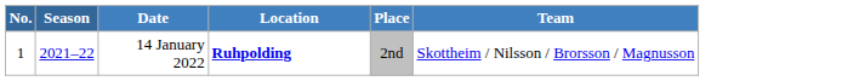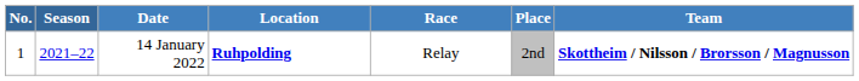 <table class="wikitable sortable" style="font-size:95%; text-align:center; border:grey solid 1px; border-collapse:collapse; background:#ffffff;">
 <tr style="background:#efefef;">
 <th style="background-color:#369; color:white;">No.</th>
 <th style="background-color:#369; color:white;">Season</th>
 <th style="background-color:#4180be; color:white; width:100px;">Date</th>
 <th style="background-color:#4180be; color:white; width:150px;">Location</th>
+<th style="background-color:#4180be; color:white; width:130px;">Race</th>
 <th style="background-color:#4180be; color:white;">Place</th>
 <th style="background-color:#4180be; color:white;">Team</th>
 </tr>
 <tr>
 <td align=center>1</td>
 <td rowspan=1 align=center><a href='#'>2021–22</a></td>
 <td align=right>14 January 2022</td>
 <td align=left><strong> <a href='#'>Ruhpolding</a></strong></td>
+<td>Relay</td>
 <td bgcolor="silver">2nd</td>
-<td><a href='#'>Skottheim</a> / Nilsson / <a href='#'>Brorsson</a> / <a href='#'>Magnusson</a></td>
+<td><strong><a href='#'>Skottheim</a> / Nilsson / <a href='#'>Brorsson</a> / <a href='#'>Magnusson</a></strong></td>
 </tr>
 </table>
